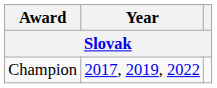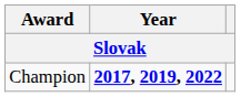 <table class="wikitable">
 <tr>
 <th>Award</th>
 <th>Year</th>
 <th></th>
 </tr>
 <tr>
 <th colspan="3"><a href='#'>Slovak</a></th>
 </tr>
 <tr>
 <td>Champion</td>
-<td><a href='#'>2017</a>, <a href='#'>2019</a>, <a href='#'>2022</a></td>
+<td><strong><a href='#'>2017</a>, <a href='#'>2019</a>, <a href='#'>2022</a></strong></td>
 <td></td>
 </tr>
 </table>
